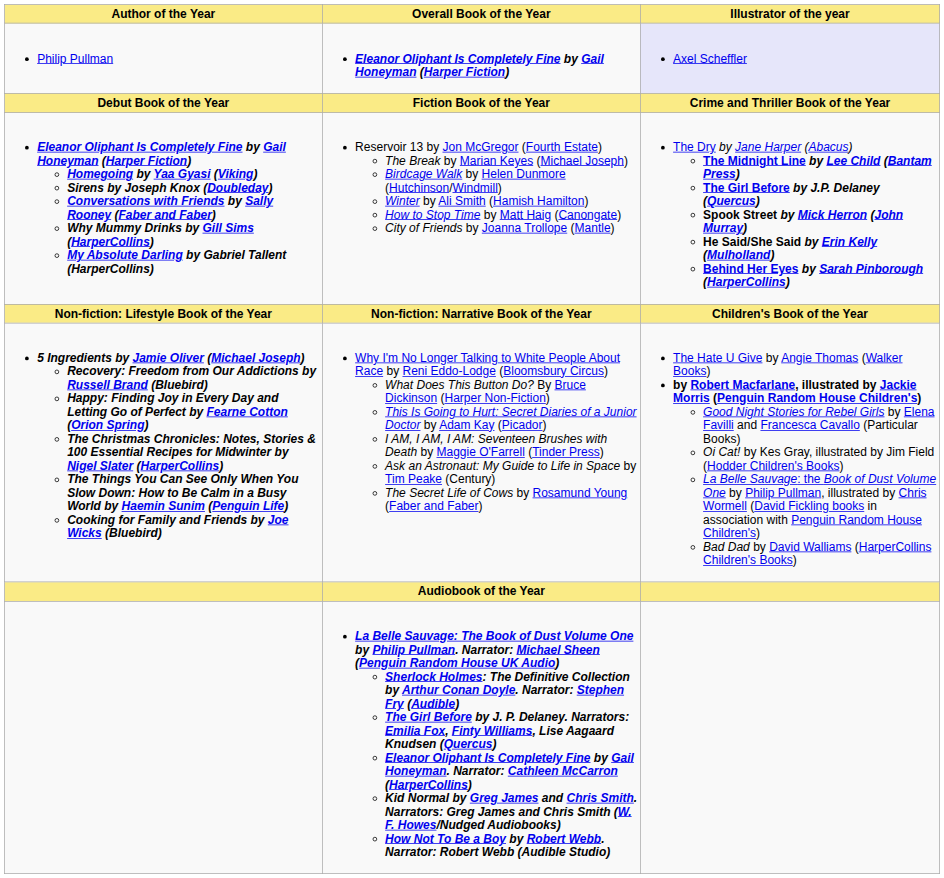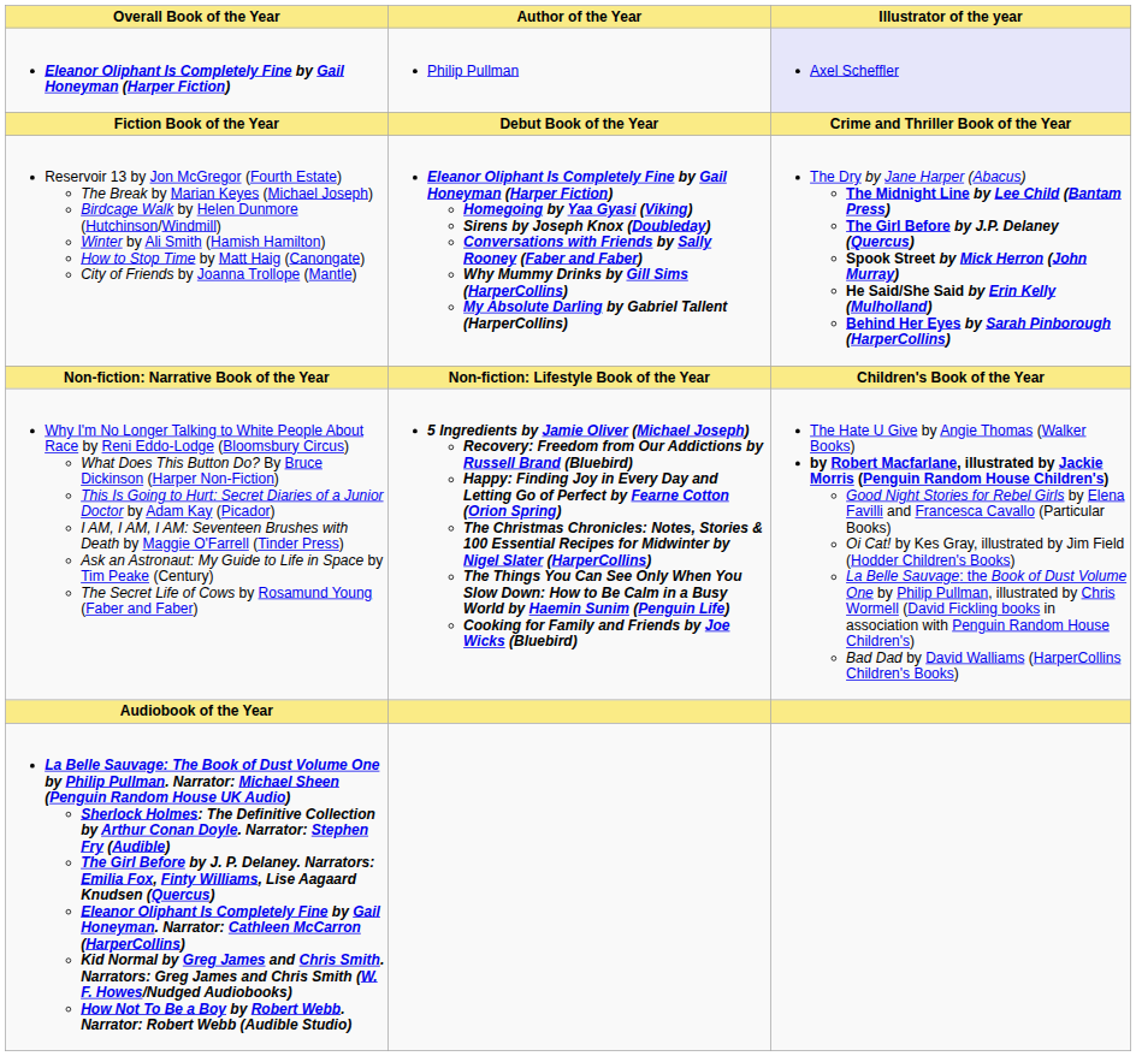 <table class="wikitable" style="font-size:100%">
 <tr>
+<th style="background:#FAEB86;" width="34%">Overall Book of the Year</th>
 <th style="background:#FAEB86;" width="33%">Author of the Year</th>
-<th style="background:#FAEB86;" width="34%">Overall Book of the Year</th>
 <th style="background:#FAEB86;" width="33%">Illustrator of the year</th>
 </tr>
 <tr>
+<td valign="top"><br><ul><li><strong><em><a href='#'>Eleanor Oliphant Is Completely Fine</a><em> by <a href='#'>Gail Honeyman</a> (<a href='#'>Harper Fiction</a>)<strong></li></ul></td>
 <td valign="top"><br><ul><li></strong><a href='#'>Philip Pullman</a><strong></li></ul></td>
-<td valign="top"><br><ul><li><strong><em><a href='#'>Eleanor Oliphant Is Completely Fine</a><em> by <a href='#'>Gail Honeyman</a> (<a href='#'>Harper Fiction</a>)<strong></li></ul></td>
 <td valign="top" style="background: lavender;"><br><ul><li></strong><a href='#'>Axel Scheffler</a><strong></li></ul></td>
 </tr>
 <tr>
+<th style="background:#FAEB86;" width="34%">Fiction Book of the Year</th>
 <th style="background:#FAEB86;" width="33%">Debut Book of the Year</th>
-<th style="background:#FAEB86;" width="34%">Fiction Book of the Year</th>
 <th style="background:#FAEB86;" width="33%">Crime and Thriller Book of the Year</th>
 </tr>
 <tr>
+<td valign="top"><br><ul><li></em></strong>Reservoir 13</em> by <a href='#'>Jon McGregor</a> (<a href='#'>Fourth Estate</a>)</strong><ul><li><em>The Break</em> by <a href='#'>Marian Keyes</a> (<a href='#'>Michael Joseph</a>)</li><li><em><a href='#'>Birdcage Walk</a></em> by <a href='#'>Helen Dunmore</a> (<a href='#'>Hutchinson</a>/<a href='#'>Windmill</a>)</li><li><em><a href='#'>Winter</a></em> by <a href='#'>Ali Smith</a> (<a href='#'>Hamish Hamilton</a>)</li><li><em><a href='#'>How to Stop Time</a></em> by <a href='#'>Matt Haig</a> (<a href='#'>Canongate</a>)</li><li><em>City of Friends</em> by <a href='#'>Joanna Trollope</a> (<a href='#'>Mantle</a>)</li></ul></li></ul></td>
 <td valign="top"><br><ul><li><strong><em><a href='#'>Eleanor Oliphant Is Completely Fine</a><em> by <a href='#'>Gail Honeyman</a> (<a href='#'>Harper Fiction</a>)<strong><ul><li></em><a href='#'>Homegoing</a><em> by <a href='#'>Yaa Gyasi</a> (<a href='#'>Viking</a>)</li><li></em>Sirens<em> by Joseph Knox (<a href='#'>Doubleday</a>)</li><li></em><a href='#'>Conversations with Friends</a><em> by <a href='#'>Sally Rooney</a> (<a href='#'>Faber and Faber</a>)</li><li></em>Why Mummy Drinks<em> by <a href='#'>Gill Sims</a> (<a href='#'>HarperCollins</a>)</li><li></em><a href='#'>My Absolute Darling</a><em> by Gabriel Tallent (HarperCollins)</li></ul></li></ul></td>
-<td valign="top"><br><ul><li></em></strong>Reservoir 13</em> by <a href='#'>Jon McGregor</a> (<a href='#'>Fourth Estate</a>)</strong><ul><li><em>The Break</em> by <a href='#'>Marian Keyes</a> (<a href='#'>Michael Joseph</a>)</li><li><em><a href='#'>Birdcage Walk</a></em> by <a href='#'>Helen Dunmore</a> (<a href='#'>Hutchinson</a>/<a href='#'>Windmill</a>)</li><li><em><a href='#'>Winter</a></em> by <a href='#'>Ali Smith</a> (<a href='#'>Hamish Hamilton</a>)</li><li><em><a href='#'>How to Stop Time</a></em> by <a href='#'>Matt Haig</a> (<a href='#'>Canongate</a>)</li><li><em>City of Friends</em> by <a href='#'>Joanna Trollope</a> (<a href='#'>Mantle</a>)</li></ul></li></ul></td>
 <td valign="top"><br><ul><li></strong><a href='#'></em>The Dry<em></a> by <a href='#'>Jane Harper</a> (<a href='#'>Abacus</a>)<strong><ul><li></em><a href='#'>The Midnight Line</a><em> by <a href='#'>Lee Child</a> (<a href='#'>Bantam Press</a>)</li><li></em><a href='#'>The Girl Before</a><em> by J.P. Delaney (<a href='#'>Quercus</a>)</li><li></em>Spook Street<em> by <a href='#'>Mick Herron</a> (<a href='#'>John Murray</a>)</li><li></em>He Said/She Said<em> by <a href='#'>Erin Kelly</a> (<a href='#'>Mulholland</a>)</li><li></em><a href='#'>Behind Her Eyes</a><em> by <a href='#'>Sarah Pinborough</a> (<a href='#'>HarperCollins</a>)</li></ul></li></ul></td>
 </tr>
 <tr>
+<th style="background:#FAEB86;" width="34%">Non-fiction: Narrative Book of the Year</th>
 <th style="background:#FAEB86;" width="34%">Non-fiction: Lifestyle Book of the Year</th>
-<th style="background:#FAEB86;" width="34%">Non-fiction: Narrative Book of the Year</th>
 <th style="background:#FAEB86;" width="34%">Children's Book of the Year</th>
 </tr>
 <tr>
+<td valign="top"><br><ul><li></em></strong><a href='#'>Why I'm No Longer Talking to White People About Race</a></em> by <a href='#'>Reni Eddo-Lodge</a> (<a href='#'>Bloomsbury Circus</a>)</strong><ul><li><em>What Does This Button Do?</em> By <a href='#'>Bruce Dickinson</a> (<a href='#'>Harper Non-Fiction</a>)</li><li><em><a href='#'>This Is Going to Hurt: Secret Diaries of a Junior Doctor</a></em> by <a href='#'>Adam Kay</a> (<a href='#'>Picador</a>)</li><li><em>I AM, I AM, I AM: Seventeen Brushes with Death</em> by <a href='#'>Maggie O'Farrell</a> (<a href='#'>Tinder Press</a>)</li><li><em>Ask an Astronaut: My Guide to Life in Space</em> by <a href='#'>Tim Peake</a> (Century)</li><li><em>The Secret Life of Cows</em> by <a href='#'>Rosamund Young</a> (<a href='#'>Faber and Faber</a>)</li></ul></li></ul></td>
 <td valign="top"><br><ul><li><strong><em>5 Ingredients<em> by <a href='#'>Jamie Oliver</a> (<a href='#'>Michael Joseph</a>)<strong><ul><li></em>Recovery: Freedom from Our Addictions<em> by <a href='#'>Russell Brand</a> (Bluebird)</li><li></em>Happy: Finding Joy in Every Day and Letting Go of Perfect<em> by <a href='#'>Fearne Cotton</a> (<a href='#'>Orion Spring</a>)</li><li></em>The Christmas Chronicles: Notes, Stories & 100 Essential Recipes for Midwinter<em> by <a href='#'>Nigel Slater</a> (<a href='#'>HarperCollins</a>)</li><li></em>The Things You Can See Only When You Slow Down: How to Be Calm in a Busy World<em> by <a href='#'>Haemin Sunim</a> (<a href='#'>Penguin Life</a>)</li><li></em>Cooking for Family and Friends<em> by <a href='#'>Joe Wicks</a> (Bluebird)</li></ul></li></ul></td>
-<td valign="top"><br><ul><li></em></strong><a href='#'>Why I'm No Longer Talking to White People About Race</a></em> by <a href='#'>Reni Eddo-Lodge</a> (<a href='#'>Bloomsbury Circus</a>)</strong><ul><li><em>What Does This Button Do?</em> By <a href='#'>Bruce Dickinson</a> (<a href='#'>Harper Non-Fiction</a>)</li><li><em><a href='#'>This Is Going to Hurt: Secret Diaries of a Junior Doctor</a></em> by <a href='#'>Adam Kay</a> (<a href='#'>Picador</a>)</li><li><em>I AM, I AM, I AM: Seventeen Brushes with Death</em> by <a href='#'>Maggie O'Farrell</a> (<a href='#'>Tinder Press</a>)</li><li><em>Ask an Astronaut: My Guide to Life in Space</em> by <a href='#'>Tim Peake</a> (Century)</li><li><em>The Secret Life of Cows</em> by <a href='#'>Rosamund Young</a> (<a href='#'>Faber and Faber</a>)</li></ul></li></ul></td>
 <td valign="top"><br><ul><li></em></strong><a href='#'>The Hate U Give</a></em> by <a href='#'>Angie Thomas</a> (<a href='#'>Walker Books</a>)</strong></li><li><strong> by <a href='#'>Robert Macfarlane</a>, illustrated by <a href='#'>Jackie Morris</a> (<a href='#'>Penguin Random House Children's</a>)</strong><ul><li><em><a href='#'>Good Night Stories for Rebel Girls</a></em> by <a href='#'>Elena Favilli</a> and <a href='#'>Francesca Cavallo</a> (Particular Books)</li><li><em>Oi Cat!</em> by Kes Gray, illustrated by Jim Field (<a href='#'>Hodder Children's Books</a>)</li><li><a href='#'><em>La Belle Sauvage</em>: the <em>Book of Dust Volume One</em></a> by <a href='#'>Philip Pullman</a>, illustrated by <a href='#'>Chris Wormell</a> (<a href='#'>David Fickling books</a> in association with <a href='#'>Penguin Random House Children's</a>)</li><li><em>Bad Dad</em> by <a href='#'>David Walliams</a> (<a href='#'>HarperCollins Children's Books</a>)</li></ul></li></ul></td>
 </tr>
 <tr>
+<th style="background:#FAEB86;" width="34%">Audiobook of the Year</th>
 <th style="background:#FAEB86;" width="34%"></th>
-<th style="background:#FAEB86;" width="34%">Audiobook of the Year</th>
 <th style="background:#FAEB86;" width="34%"></th>
 </tr>
 <tr>
+<td valign="top"><br><ul><li><strong><em><a href='#'>La Belle Sauvage: The Book of Dust Volume One</a><em> by <a href='#'>Philip Pullman</a>. Narrator: <a href='#'>Michael Sheen</a> (<a href='#'>Penguin Random House UK Audio</a>)<strong><ul><li></em><a href='#'>Sherlock Holmes</a>: The Definitive Collection<em> by <a href='#'>Arthur Conan Doyle</a>. Narrator: <a href='#'>Stephen Fry</a> (<a href='#'>Audible</a>)</li><li></em><a href='#'>The Girl Before</a><em> by J. P. Delaney. Narrators: <a href='#'>Emilia Fox</a>, <a href='#'>Finty Williams</a>, Lise Aagaard Knudsen (<a href='#'>Quercus</a>)</li><li></em><a href='#'>Eleanor Oliphant Is Completely Fine</a><em> by <a href='#'>Gail Honeyman</a>. Narrator: <a href='#'>Cathleen McCarron</a> (<a href='#'>HarperCollins</a>)</li><li></em>Kid Normal<em> by <a href='#'>Greg James</a> and <a href='#'>Chris Smith</a>. Narrators: Greg James and Chris Smith (<a href='#'>W. F. Howes</a>/Nudged Audiobooks)</li><li></em><a href='#'>How Not To Be a Boy</a><em> by <a href='#'>Robert Webb</a>. Narrator: Robert Webb (Audible Studio)</li></ul></li></ul></td>
 <td></td>
-<td valign="top"><br><ul><li><strong><em><a href='#'>La Belle Sauvage: The Book of Dust Volume One</a><em> by <a href='#'>Philip Pullman</a>. Narrator: <a href='#'>Michael Sheen</a> (<a href='#'>Penguin Random House UK Audio</a>)<strong><ul><li></em><a href='#'>Sherlock Holmes</a>: The Definitive Collection<em> by <a href='#'>Arthur Conan Doyle</a>. Narrator: <a href='#'>Stephen Fry</a> (<a href='#'>Audible</a>)</li><li></em><a href='#'>The Girl Before</a><em> by J. P. Delaney. Narrators: <a href='#'>Emilia Fox</a>, <a href='#'>Finty Williams</a>, Lise Aagaard Knudsen (<a href='#'>Quercus</a>)</li><li></em><a href='#'>Eleanor Oliphant Is Completely Fine</a><em> by <a href='#'>Gail Honeyman</a>. Narrator: <a href='#'>Cathleen McCarron</a> (<a href='#'>HarperCollins</a>)</li><li></em>Kid Normal<em> by <a href='#'>Greg James</a> and <a href='#'>Chris Smith</a>. Narrators: Greg James and Chris Smith (<a href='#'>W. F. Howes</a>/Nudged Audiobooks)</li><li></em><a href='#'>How Not To Be a Boy</a><em> by <a href='#'>Robert Webb</a>. Narrator: Robert Webb (Audible Studio)</li></ul></li></ul></td>
 <td></td>
 </tr>
 </table>
